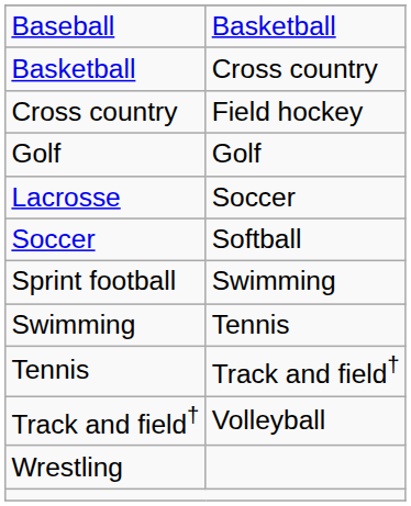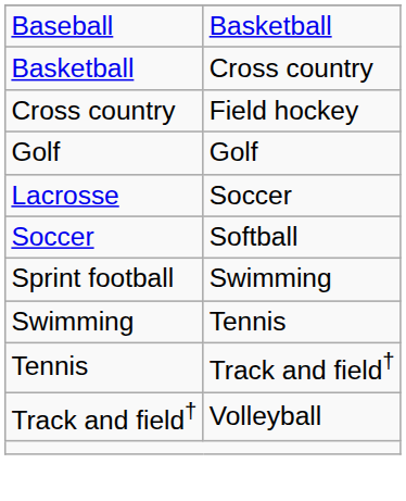 <table class="wikitable" style=" ">
 <tr>
 </tr>
 <tr>
 <td><a href='#'>Baseball</a></td>
 <td><a href='#'>Basketball</a></td>
 </tr>
 <tr>
 <td><a href='#'>Basketball</a></td>
 <td>Cross country</td>
 </tr>
 <tr>
 <td>Cross country</td>
 <td>Field hockey</td>
 </tr>
 <tr>
 <td>Golf</td>
 <td>Golf</td>
 </tr>
 <tr>
 <td><a href='#'>Lacrosse</a></td>
 <td>Soccer</td>
 </tr>
 <tr>
 <td><a href='#'>Soccer</a></td>
 <td>Softball</td>
 </tr>
 <tr>
 <td>Sprint football</td>
 <td>Swimming</td>
 </tr>
 <tr>
 <td>Swimming</td>
 <td>Tennis</td>
 </tr>
 <tr>
 <td>Tennis</td>
 <td>Track and field<sup>†</sup></td>
 </tr>
 <tr>
 <td>Track and field<sup>†</sup></td>
 <td>Volleyball</td>
 </tr>
 <tr>
-<td>Wrestling</td>
-<td></td>
-</tr>
-<tr>
 <td colspan="2"></td>
 </tr>
 </table>
